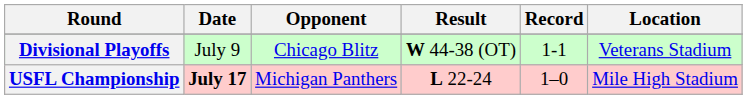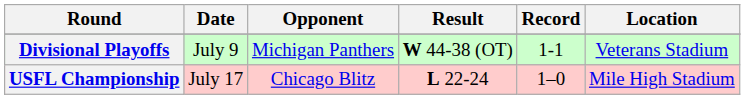 <table class="wikitable" style="text-align:center">
 <tr>
 <th>Round</th>
 <th>Date</th>
 <th>Opponent</th>
 <th>Result</th>
 <th>Record</th>
 <th>Location</th>
 </tr>
 <tr>
 </tr>
 <tr style="background:#cfc">
 <th><a href='#'>Divisional Playoffs</a></th>
 <td>July 9</td>
-<td><a href='#'>Chicago Blitz</a></td>
+<td><a href='#'>Michigan Panthers</a></td>
 <td><strong>W</strong> 44-38 (OT)</td>
 <td>1-1</td>
 <td><a href='#'>Veterans Stadium</a></td>
 </tr>
 <tr style="background:#fcc">
 <th><a href='#'>USFL Championship</a></th>
-<td><strong>July 17</strong></td>
-<td><a href='#'>Michigan Panthers</a></td>
+<td>July 17</td>
+<td><a href='#'>Chicago Blitz</a></td>
 <td><strong>L</strong> 22-24</td>
 <td>1–0</td>
 <td><a href='#'>Mile High Stadium</a></td>
 </tr>
 </table>
